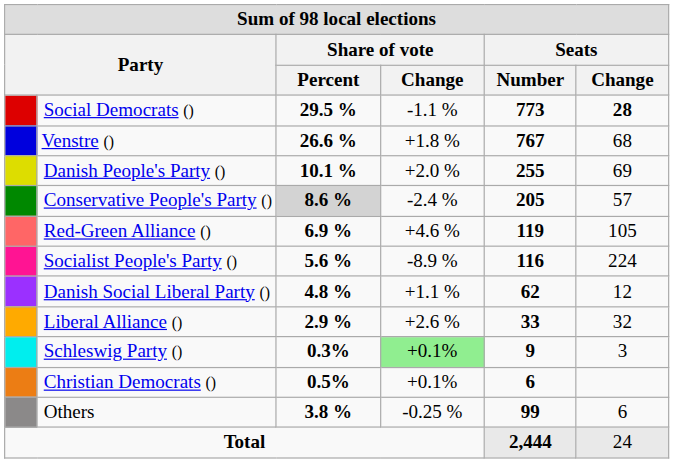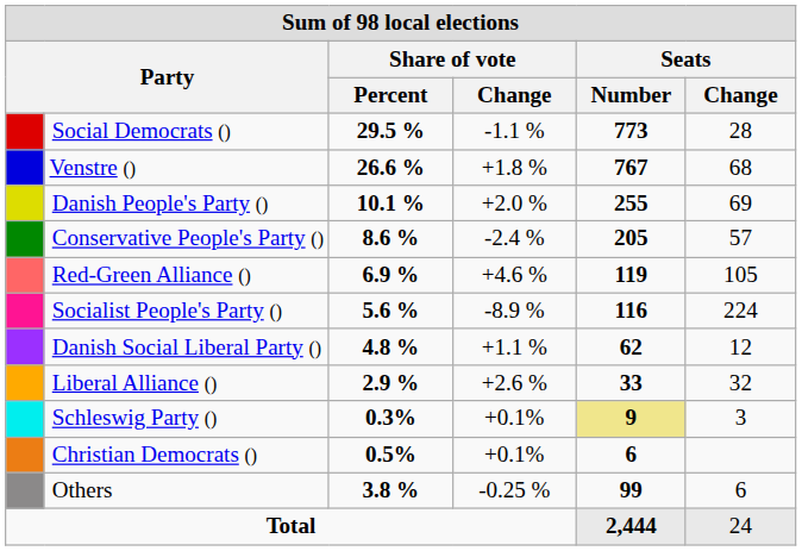 <table class="wikitable" style="margin-left:1em;">
 <tr>
 <th colspan="6" style="background:#dddddd; text-align:center;"><strong>Sum of 98 local elections</strong></th>
 </tr>
 <tr>
 <th rowspan="2" colspan="2">Party</th>
 <th colspan="2">Share of vote</th>
 <th colspan="2">Seats</th>
 </tr>
 <tr>
 <th style="width:80px;">Percent</th>
 <th style="width:80px;">Change</th>
 <th style="width:70px;">Number</th>
 <th style="width:70px;">Change</th>
 </tr>
 <tr>
 <td style="background:#dd0000; text-align:center;"></td>
 <td style="padding-left:5px;"><a href='#'>Social Democrats</a> <small>()</small></td>
 <td style="text-align:center;"><strong>29.5 %</strong></td>
 <td style="text-align:center;">-1.1 %</td>
 <td style="text-align:center;"><strong>773</strong></td>
-<td style="text-align:center;"><strong> 28</strong></td>
+<td style="text-align:center;"> 28</td>
 </tr>
 <tr>
 <td style="width:20px; background:#0000dd; text-align:center;"></td>
 <td style="width:200px padding-left:5px;"><a href='#'>Venstre</a> <small>()</small></td>
 <td style="text-align:center;"><strong>26.6 %</strong></td>
 <td style="text-align:center;">+1.8 %</td>
 <td style="text-align:center;"><strong>767</strong></td>
 <td style="text-align:center;"> 68</td>
 </tr>
 <tr>
 <td style="background:#dddd00; text-align:center;"></td>
 <td style="padding-left:5px;"><a href='#'>Danish People's Party</a> <small>()</small></td>
 <td style="text-align:center;"><strong>10.1 %</strong></td>
 <td style="text-align:center;">+2.0 %</td>
 <td style="text-align:center;"><strong>255</strong></td>
 <td style="text-align:center;"> 69</td>
 </tr>
 <tr>
 <td style="background:#008800; text-align:center;"></td>
 <td style="padding-left:5px;"><a href='#'>Conservative People's Party</a> <small>()</small></td>
-<td style="background: lightgrey; text-align:center;"><strong>8.6 %</strong></td>
+<td style="text-align:center;"><strong>8.6 %</strong></td>
 <td style="text-align:center;">-2.4 %</td>
 <td style="text-align:center;"><strong>205</strong></td>
 <td style="text-align:center;"> 57</td>
 </tr>
 <tr>
 <td style="background:#FF6666; text-align:center;"></td>
 <td style="padding-left:5px;"><a href='#'>Red-Green Alliance</a> <small>()</small></td>
 <td style="text-align:center;"><strong>6.9 %</strong></td>
 <td style="text-align:center;">+4.6 %</td>
 <td style="text-align:center;"><strong>119</strong></td>
 <td style="text-align:center;"> 105</td>
 </tr>
 <tr>
 <td style="background:#FF1493; text-align:center;"></td>
 <td style="padding-left:5px;"><a href='#'>Socialist People's Party</a> <small>()</small></td>
 <td style="text-align:center;"><strong>5.6 %</strong></td>
 <td style="text-align:center;">-8.9 %</td>
 <td style="text-align:center;"><strong>116</strong></td>
 <td style="text-align:center;"> 224</td>
 </tr>
 <tr>
 <td style="background:#9B30FF; text-align:center;"></td>
 <td style="padding-left:5px;"><a href='#'>Danish Social Liberal Party</a> <small>()</small></td>
 <td style="text-align:center;"><strong>4.8 %</strong></td>
 <td style="text-align:center;">+1.1 %</td>
 <td style="text-align:center;"><strong>62</strong></td>
 <td style="text-align:center;"> 12</td>
 </tr>
 <tr>
 <td style="background:#ffaa00; text-align:center;"></td>
 <td style="padding-left:5px;"><a href='#'>Liberal Alliance</a> <small>()</small></td>
 <td style="text-align:center;"><strong>2.9 %</strong></td>
 <td style="text-align:center;">+2.6 %</td>
 <td style="text-align:center;"><strong>33</strong></td>
 <td style="text-align:center;"> 32</td>
 </tr>
 <tr>
 <td style="background:#00EEEE; text-align:center;"></td>
 <td style="padding-left:5px;"><a href='#'>Schleswig Party</a> <small>()</small></td>
 <td style="text-align:center;"><strong>0.3%</strong></td>
-<td style="background: lightgreen; text-align:center;">+0.1%</td>
-<td style="text-align:center;"><strong>9</strong></td>
+<td style="text-align:center;">+0.1%</td>
+<td style="background: khaki; text-align:center;"><strong>9</strong></td>
 <td style="text-align:center;"> 3</td>
 </tr>
 <tr>
 <td style="background:#EC7D14; text-align:center;"></td>
 <td style="padding-left:5px;"><a href='#'>Christian Democrats</a> <small>()</small></td>
 <td style="text-align:center;"><strong>0.5%</strong></td>
 <td style="text-align:center;">+0.1%</td>
 <td style="text-align:center;"><strong>6</strong></td>
 <td style="text-align:center;"></td>
 </tr>
 <tr>
 <td style="background:#8B8989;"></td>
 <td style="padding-left:5px;">Others</td>
 <td style="text-align:center;"><strong>3.8 %</strong></td>
 <td style="text-align:center;">-0.25 %</td>
 <td style="text-align:center;"><strong>99</strong></td>
 <td style="text-align:center;"> 6</td>
 </tr>
 <tr>
 <td style="text-align:center;" style="background-color:#E9E9E9" colspan="4"><strong>Total</strong></td>
 <td style="text-align:center; background-color:#E9E9E9"><strong>2,444</strong></td>
 <td style="text-align:center; background-color:#E9E9E9"> 24</td>
 </tr>
 </table>
